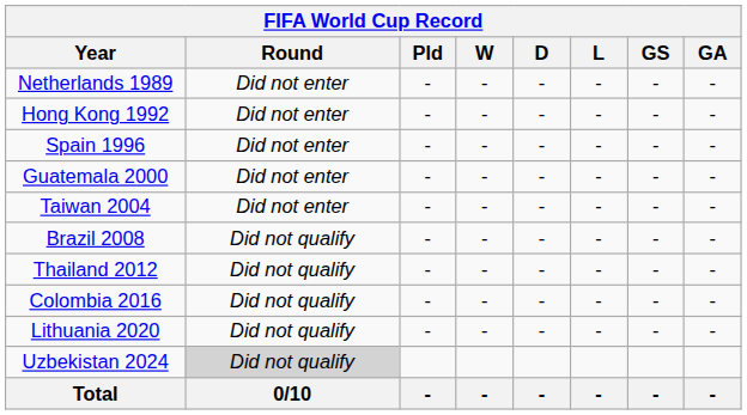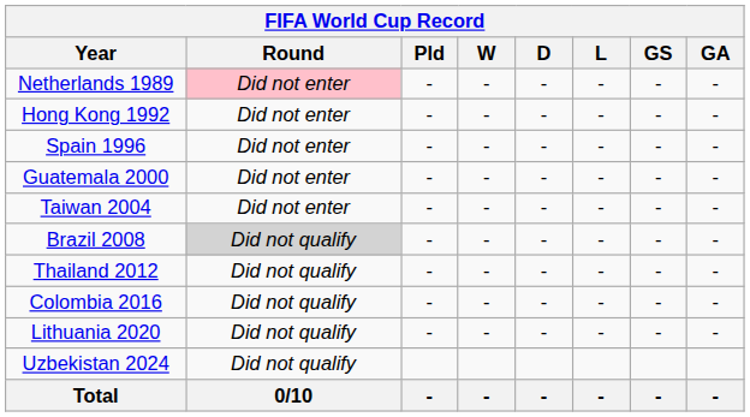 <table class="wikitable" style="text-align: center;font-size:90%;">
 <tr>
 <th colspan=8><a href='#'>FIFA World Cup Record</a></th>
 </tr>
 <tr>
 <th width=125>Year</th>
 <th width=150>Round</th>
 <th width=35>Pld</th>
 <th width=35>W</th>
 <th width=35>D</th>
 <th width=35>L</th>
 <th width=35>GS</th>
 <th width=35>GA</th>
 </tr>
 <tr>
 <td><a href='#'>Netherlands 1989</a></td>
-<td><em>Did not enter</em></td>
+<td style="background: pink;"><em>Did not enter</em></td>
 <td>-</td>
 <td>-</td>
 <td>-</td>
 <td>-</td>
 <td>-</td>
 <td>-</td>
 </tr>
 <tr>
 <td><a href='#'>Hong Kong 1992</a></td>
 <td><em>Did not enter</em></td>
 <td>-</td>
 <td>-</td>
 <td>-</td>
 <td>-</td>
 <td>-</td>
 <td>-</td>
 </tr>
 <tr>
 <td><a href='#'>Spain 1996</a></td>
 <td><em>Did not enter</em></td>
 <td>-</td>
 <td>-</td>
 <td>-</td>
 <td>-</td>
 <td>-</td>
 <td>-</td>
 </tr>
 <tr>
 <td><a href='#'>Guatemala 2000</a></td>
 <td><em>Did not enter</em></td>
 <td>-</td>
 <td>-</td>
 <td>-</td>
 <td>-</td>
 <td>-</td>
 <td>-</td>
 </tr>
 <tr>
 <td><a href='#'>Taiwan 2004</a></td>
 <td><em>Did not enter</em></td>
 <td>-</td>
 <td>-</td>
 <td>-</td>
 <td>-</td>
 <td>-</td>
 <td>-</td>
 </tr>
 <tr>
 <td><a href='#'>Brazil 2008</a></td>
-<td><em>Did not qualify</em></td>
+<td style="background: lightgrey;"><em>Did not qualify</em></td>
 <td>-</td>
 <td>-</td>
 <td>-</td>
 <td>-</td>
 <td>-</td>
 <td>-</td>
 </tr>
 <tr>
 <td><a href='#'>Thailand 2012</a></td>
 <td><em>Did not qualify</em></td>
 <td>-</td>
 <td>-</td>
 <td>-</td>
 <td>-</td>
 <td>-</td>
 <td>-</td>
 </tr>
 <tr>
 <td><a href='#'>Colombia 2016</a></td>
 <td><em>Did not qualify</em></td>
 <td>-</td>
 <td>-</td>
 <td>-</td>
 <td>-</td>
 <td>-</td>
 <td>-</td>
 </tr>
 <tr>
 <td><a href='#'>Lithuania 2020</a></td>
 <td><em>Did not qualify</em></td>
 <td>-</td>
 <td>-</td>
 <td>-</td>
 <td>-</td>
 <td>-</td>
 <td>-</td>
 </tr>
 <tr>
 <td><a href='#'>Uzbekistan 2024</a></td>
-<td style="background: lightgrey;"><em>Did not qualify</em></td>
+<td><em>Did not qualify</em></td>
 <td></td>
 <td></td>
 <td></td>
 <td></td>
 <td></td>
 <td></td>
 </tr>
 <tr>
 <th><strong>Total</strong></th>
 <th>0/10</th>
 <th>-</th>
 <th>-</th>
 <th>-</th>
 <th>-</th>
 <th>-</th>
 <th>-</th>
 </tr>
 </table>
